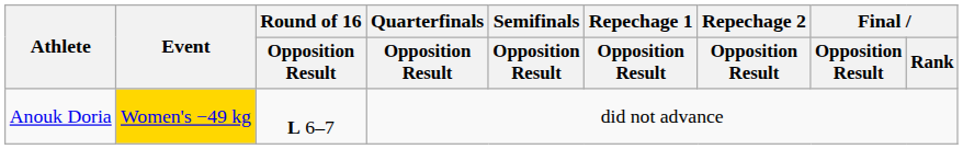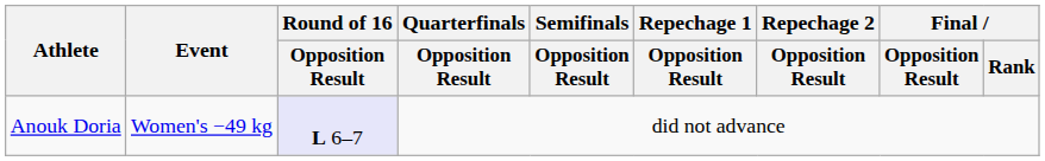 <table class="wikitable" style="font-size:90%">
 <tr>
 <th rowspan="2">Athlete</th>
 <th rowspan="2">Event</th>
 <th>Round of 16</th>
 <th>Quarterfinals</th>
 <th>Semifinals</th>
 <th>Repechage 1</th>
 <th>Repechage 2</th>
 <th colspan=2>Final / </th>
 </tr>
 <tr style="font-size:95%">
 <th>Opposition<br>Result</th>
 <th>Opposition<br>Result</th>
 <th>Opposition<br>Result</th>
 <th>Opposition<br>Result</th>
 <th>Opposition<br>Result</th>
 <th>Opposition<br>Result</th>
 <th>Rank</th>
 </tr>
 <tr align=center>
 <td align=left><a href='#'>Anouk Doria</a></td>
-<td align=left style="background: gold;"><a href='#'>Women's −49 kg</a></td>
-<td><br><strong>L</strong> 6–7</td>
+<td align=left><a href='#'>Women's −49 kg</a></td>
+<td style="background: lavender;"><br><strong>L</strong> 6–7</td>
 <td colspan=6>did not advance</td>
 </tr>
 </table>
